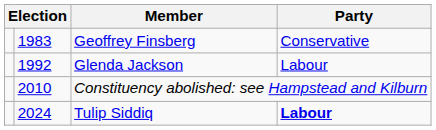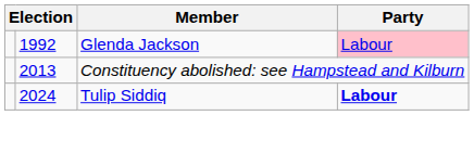 <table class="wikitable">
 <tr>
 <th colspan="2">Election</th>
 <th>Member</th>
 <th>Party</th>
 </tr>
 <tr>
 <td style="color:inherit;background-color: "></td>
-<td><a href='#'>1983</a></td>
-<td><a href='#'>Geoffrey Finsberg</a></td>
-<td><a href='#'>Conservative</a></td>
-</tr>
-<tr>
-<td style="color:inherit;background-color: "></td>
 <td><a href='#'>1992</a></td>
 <td><a href='#'>Glenda Jackson</a></td>
-<td><a href='#'>Labour</a></td>
+<td style="background: pink;"><a href='#'>Labour</a></td>
 </tr>
 <tr>
 <td></td>
-<td><a href='#'>2010</a></td>
+<td><a href='#'>2013</a></td>
 <td colspan="2"><em>Constituency abolished: see <a href='#'>Hampstead and Kilburn</a></em></td>
 </tr>
 <tr>
 <td style="color:inherit;background-color: "></td>
 <td><a href='#'>2024</a></td>
 <td><a href='#'>Tulip Siddiq</a></td>
 <td><strong><a href='#'>Labour</a></strong></td>
 </tr>
 </table>
